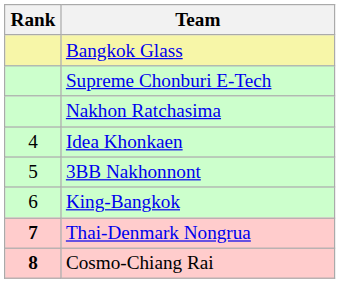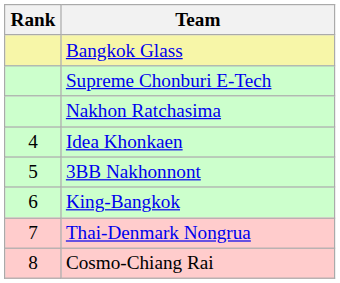 <table class="wikitable" style="text-align: center;">
 <tr>
 <th width=40>Rank</th>
 <th width=220>Team</th>
 </tr>
 <tr bgcolor=#F7f6a8>
 <td></td>
 <td align="left"><a href='#'>Bangkok Glass</a></td>
 </tr>
 <tr bgcolor=#CCFFCC>
 <td></td>
 <td align="left"><a href='#'>Supreme Chonburi E-Tech</a></td>
 </tr>
 <tr bgcolor=#CCFFCC>
 <td></td>
 <td align="left"><a href='#'>Nakhon Ratchasima</a></td>
 </tr>
 <tr bgcolor=#CCFFCC>
 <td>4</td>
 <td align="left"><a href='#'>Idea Khonkaen</a></td>
 </tr>
 <tr bgcolor=#CCFFCC>
 <td>5</td>
 <td align="left"><a href='#'>3BB Nakhonnont</a></td>
 </tr>
 <tr bgcolor=#CCFFCC>
 <td>6</td>
 <td align="left"><a href='#'>King-Bangkok</a></td>
 </tr>
 <tr bgcolor=#ffcccc>
-<td><strong>7</strong></td>
+<td>7</td>
 <td align="left"><a href='#'>Thai-Denmark Nongrua</a></td>
 </tr>
 <tr bgcolor=#ffcccc>
-<td><strong>8</strong></td>
+<td>8</td>
 <td align="left">Cosmo-Chiang Rai</td>
 </tr>
 </table>
